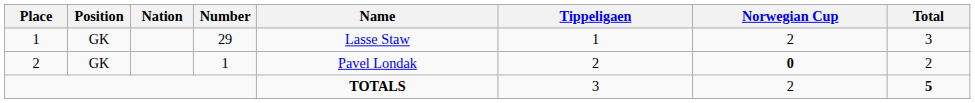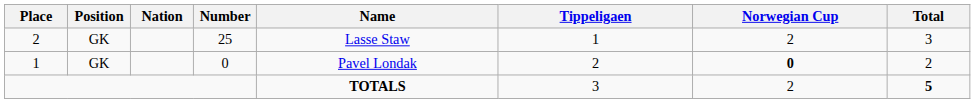 <table class="wikitable" style="font-size: 95%; text-align: center;">
 <tr>
 <th width=60>Place</th>
 <th width=60>Position</th>
 <th width=60>Nation</th>
 <th width=60>Number</th>
 <th width=250>Name</th>
 <th width=200><a href='#'>Tippeligaen</a></th>
 <th width=200><a href='#'>Norwegian Cup</a></th>
 <th width=80><strong>Total</strong></th>
 </tr>
 <tr>
-<td>1</td>
+<td>2</td>
 <td>GK</td>
 <td></td>
-<td>29</td>
+<td>25</td>
 <td><a href='#'>Lasse Staw</a></td>
 <td>1</td>
 <td>2</td>
 <td>3</td>
 </tr>
 <tr>
-<td>2</td>
+<td>1</td>
 <td>GK</td>
 <td></td>
-<td>1</td>
+<td>0</td>
 <td><a href='#'>Pavel Londak</a></td>
 <td>2</td>
 <td><strong>0</strong></td>
 <td>2</td>
 </tr>
 <tr>
 <td colspan="4"></td>
 <td><strong>TOTALS</strong></td>
 <td>3</td>
 <td>2</td>
 <td><strong>5</strong></td>
 </tr>
 </table>
